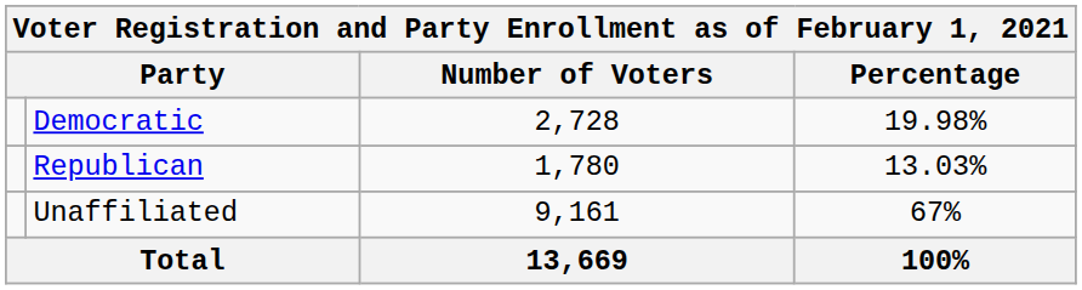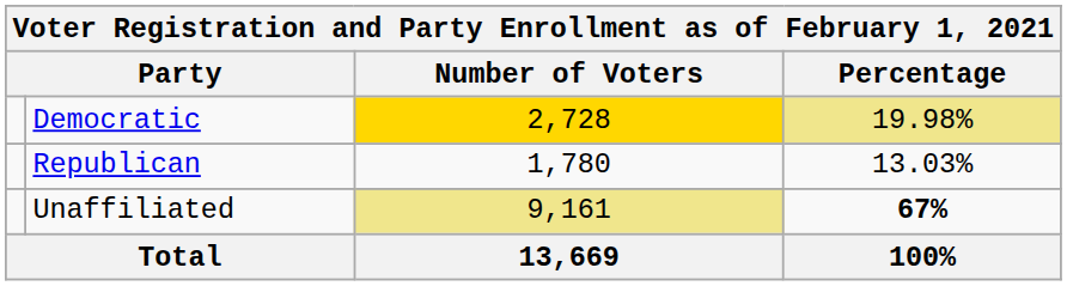 <table class=wikitable>
 <tr>
 <th colspan = 6>Voter Registration and Party Enrollment as of February 1, 2021</th>
 </tr>
 <tr>
 <th colspan = 2>Party</th>
 <th>Number of Voters</th>
 <th>Percentage</th>
 </tr>
 <tr>
 <td></td>
 <td><a href='#'>Democratic</a></td>
-<td style="text-align:center;">2,728</td>
-<td style="text-align:center;">19.98%</td>
+<td style="background: gold; text-align:center;">2,728</td>
+<td style="background: khaki; text-align:center;">19.98%</td>
 </tr>
 <tr>
 <td></td>
 <td><a href='#'>Republican</a></td>
 <td style="text-align:center;">1,780</td>
 <td style="text-align:center;">13.03%</td>
 </tr>
 <tr>
 <td></td>
 <td>Unaffiliated</td>
-<td style="text-align:center;">9,161</td>
-<td style="text-align:center;">67%</td>
+<td style="background: khaki; text-align:center;">9,161</td>
+<td style="text-align:center;"><strong>67%</strong></td>
 </tr>
 <tr>
 <th colspan="2">Total</th>
 <th style="text-align:center;">13,669</th>
 <th style="text-align:center;">100%</th>
 </tr>
 </table>
